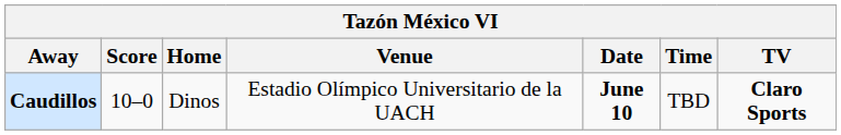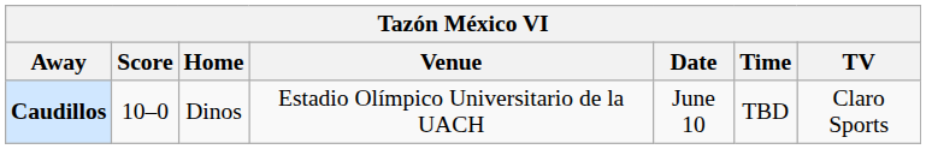 <table class="wikitable mw-collapsible" style="width:100%;">
 <tr>
 <th colspan="8">Tazón México VI</th>
 </tr>
 <tr>
 <th>Away</th>
 <th>Score</th>
 <th>Home</th>
 <th>Venue</th>
 <th>Date</th>
 <th>Time</th>
 <th>TV</th>
 </tr>
 <tr align="center">
 <td bgcolor="#D0E7FF"><strong>Caudillos</strong></td>
 <td>10–0</td>
 <td>Dinos</td>
 <td>Estadio Olímpico Universitario de la UACH</td>
-<td><strong>June 10</strong></td>
+<td>June 10</td>
 <td>TBD</td>
-<td><strong>Claro Sports</strong></td>
+<td>Claro Sports</td>
 </tr>
 </table>
